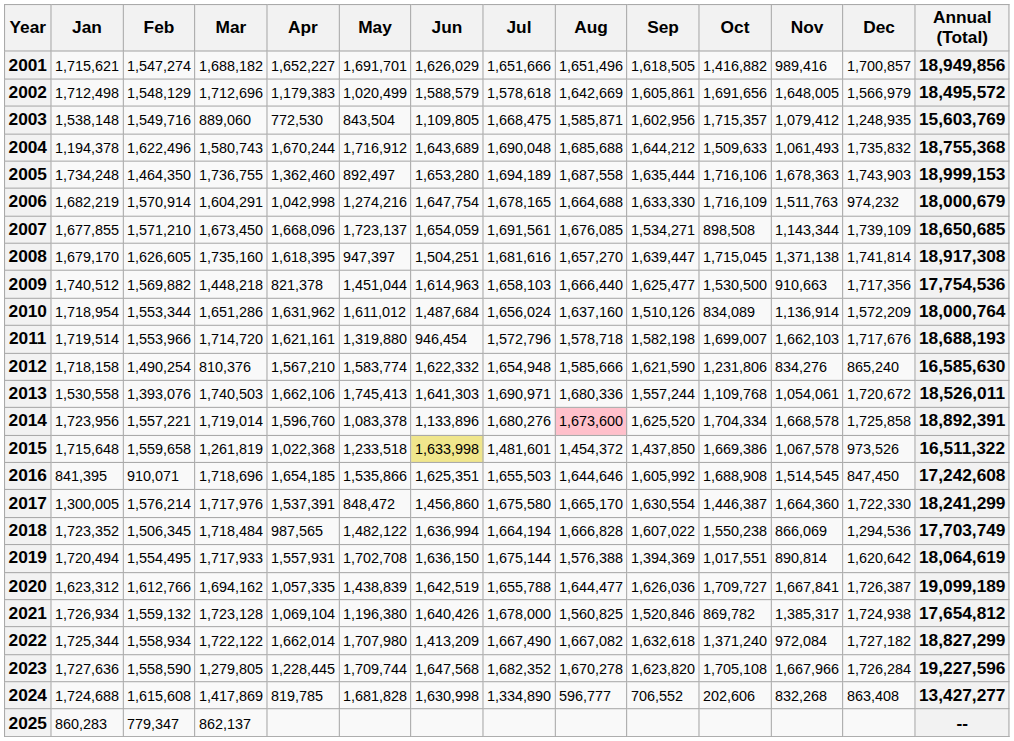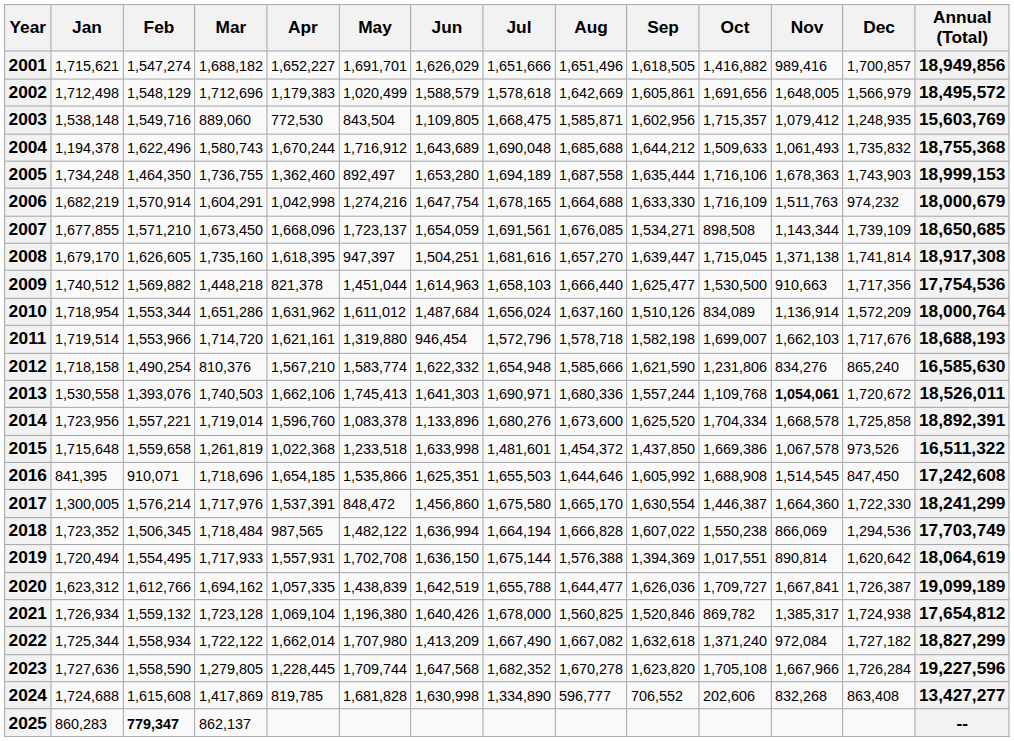 <table class="wikitable">
 <tr>
 <th>Year</th>
 <th>Jan</th>
 <th>Feb</th>
 <th>Mar</th>
 <th>Apr</th>
 <th>May</th>
 <th>Jun</th>
 <th>Jul</th>
 <th>Aug</th>
 <th>Sep</th>
 <th>Oct</th>
 <th>Nov</th>
 <th>Dec</th>
 <th>Annual (Total)</th>
 </tr>
 <tr>
 <th>2001</th>
 <td><small>1,715,621</small></td>
 <td><small>1,547,274</small></td>
 <td><small>1,688,182</small></td>
 <td><small>1,652,227</small></td>
 <td><small>1,691,701</small></td>
 <td><small>1,626,029</small></td>
 <td><small>1,651,666</small></td>
 <td><small>1,651,496</small></td>
 <td><small>1,618,505</small></td>
 <td><small>1,416,882</small></td>
 <td><small>989,416</small></td>
 <td><small>1,700,857</small></td>
 <th>18,949,856</th>
 </tr>
 <tr>
 <th>2002</th>
 <td><small>1,712,498</small></td>
 <td><small>1,548,129</small></td>
 <td><small>1,712,696</small></td>
 <td><small>1,179,383</small></td>
 <td><small>1,020,499</small></td>
 <td><small>1,588,579</small></td>
 <td><small>1,578,618</small></td>
 <td><small>1,642,669</small></td>
 <td><small>1,605,861</small></td>
 <td><small>1,691,656</small></td>
 <td><small>1,648,005</small></td>
 <td><small>1,566,979</small></td>
 <th>18,495,572</th>
 </tr>
 <tr>
 <th>2003</th>
 <td><small>1,538,148</small></td>
 <td><small>1,549,716</small></td>
 <td><small>889,060</small></td>
 <td><small>772,530</small></td>
 <td><small>843,504</small></td>
 <td><small>1,109,805</small></td>
 <td><small>1,668,475</small></td>
 <td><small>1,585,871</small></td>
 <td><small>1,602,956</small></td>
 <td><small>1,715,357</small></td>
 <td><small>1,079,412</small></td>
 <td><small>1,248,935</small></td>
 <th>15,603,769</th>
 </tr>
 <tr>
 <th>2004</th>
 <td><small>1,194,378</small></td>
 <td><small>1,622,496</small></td>
 <td><small>1,580,743</small></td>
 <td><small>1,670,244</small></td>
 <td><small>1,716,912</small></td>
 <td><small>1,643,689</small></td>
 <td><small>1,690,048</small></td>
 <td><small>1,685,688</small></td>
 <td><small>1,644,212</small></td>
 <td><small>1,509,633</small></td>
 <td><small>1,061,493</small></td>
 <td><small>1,735,832</small></td>
 <th>18,755,368</th>
 </tr>
 <tr>
 <th>2005</th>
 <td><small>1,734,248</small></td>
 <td><small>1,464,350</small></td>
 <td><small>1,736,755</small></td>
 <td><small>1,362,460</small></td>
 <td><small>892,497</small></td>
 <td><small>1,653,280</small></td>
 <td><small>1,694,189</small></td>
 <td><small>1,687,558</small></td>
 <td><small>1,635,444</small></td>
 <td><small>1,716,106</small></td>
 <td><small>1,678,363</small></td>
 <td><small>1,743,903</small></td>
 <th>18,999,153</th>
 </tr>
 <tr>
 <th>2006</th>
 <td><small>1,682,219</small></td>
 <td><small>1,570,914</small></td>
 <td><small>1,604,291</small></td>
 <td><small>1,042,998</small></td>
 <td><small>1,274,216</small></td>
 <td><small>1,647,754</small></td>
 <td><small>1,678,165</small></td>
 <td><small>1,664,688</small></td>
 <td><small>1,633,330</small></td>
 <td><small>1,716,109</small></td>
 <td><small>1,511,763</small></td>
 <td><small>974,232</small></td>
 <th>18,000,679</th>
 </tr>
 <tr>
 <th>2007</th>
 <td><small>1,677,855</small></td>
 <td><small>1,571,210</small></td>
 <td><small>1,673,450</small></td>
 <td><small>1,668,096</small></td>
 <td><small>1,723,137</small></td>
 <td><small>1,654,059</small></td>
 <td><small>1,691,561</small></td>
 <td><small>1,676,085</small></td>
 <td><small>1,534,271</small></td>
 <td><small>898,508</small></td>
 <td><small>1,143,344</small></td>
 <td><small>1,739,109</small></td>
 <th>18,650,685</th>
 </tr>
 <tr>
 <th>2008</th>
 <td><small>1,679,170</small></td>
 <td><small>1,626,605</small></td>
 <td><small>1,735,160</small></td>
 <td><small>1,618,395</small></td>
 <td><small>947,397</small></td>
 <td><small>1,504,251</small></td>
 <td><small>1,681,616</small></td>
 <td><small>1,657,270</small></td>
 <td><small>1,639,447</small></td>
 <td><small>1,715,045</small></td>
 <td><small>1,371,138</small></td>
 <td><small>1,741,814</small></td>
 <th>18,917,308</th>
 </tr>
 <tr>
 <th>2009</th>
 <td><small>1,740,512</small></td>
 <td><small>1,569,882</small></td>
 <td><small>1,448,218</small></td>
 <td><small>821,378</small></td>
 <td><small>1,451,044</small></td>
 <td><small>1,614,963</small></td>
 <td><small>1,658,103</small></td>
 <td><small>1,666,440</small></td>
 <td><small>1,625,477</small></td>
 <td><small>1,530,500</small></td>
 <td><small>910,663</small></td>
 <td><small>1,717,356</small></td>
 <th>17,754,536</th>
 </tr>
 <tr>
 <th>2010</th>
 <td><small>1,718,954</small></td>
 <td><small>1,553,344</small></td>
 <td><small>1,651,286</small></td>
 <td><small>1,631,962</small></td>
 <td><small>1,611,012</small></td>
 <td><small>1,487,684</small></td>
 <td><small>1,656,024</small></td>
 <td><small>1,637,160</small></td>
 <td><small>1,510,126</small></td>
 <td><small>834,089</small></td>
 <td><small>1,136,914</small></td>
 <td><small>1,572,209</small></td>
 <th>18,000,764</th>
 </tr>
 <tr>
 <th>2011</th>
 <td><small>1,719,514</small></td>
 <td><small>1,553,966</small></td>
 <td><small>1,714,720</small></td>
 <td><small>1,621,161</small></td>
 <td><small>1,319,880</small></td>
 <td><small>946,454</small></td>
 <td><small>1,572,796</small></td>
 <td><small>1,578,718</small></td>
 <td><small>1,582,198</small></td>
 <td><small>1,699,007</small></td>
 <td><small>1,662,103</small></td>
 <td><small>1,717,676</small></td>
 <th>18,688,193</th>
 </tr>
 <tr>
 <th>2012</th>
 <td><small>1,718,158</small></td>
 <td><small>1,490,254</small></td>
 <td><small>810,376</small></td>
 <td><small>1,567,210</small></td>
 <td><small>1,583,774</small></td>
 <td><small>1,622,332</small></td>
 <td><small>1,654,948</small></td>
 <td><small>1,585,666</small></td>
 <td><small>1,621,590</small></td>
 <td><small>1,231,806</small></td>
 <td><small>834,276</small></td>
 <td><small>865,240</small></td>
 <th>16,585,630</th>
 </tr>
 <tr>
 <th>2013</th>
 <td><small>1,530,558</small></td>
 <td><small>1,393,076</small></td>
 <td><small>1,740,503</small></td>
 <td><small>1,662,106</small></td>
 <td><small>1,745,413</small></td>
 <td><small>1,641,303</small></td>
 <td><small>1,690,971</small></td>
 <td><small>1,680,336</small></td>
 <td><small>1,557,244</small></td>
 <td><small>1,109,768</small></td>
-<td><small>1,054,061</small></td>
+<td><strong><small>1,054,061</small></strong></td>
 <td><small>1,720,672</small></td>
 <th>18,526,011</th>
 </tr>
 <tr>
 <th>2014</th>
 <td><small>1,723,956</small></td>
 <td><small>1,557,221</small></td>
 <td><small>1,719,014</small></td>
 <td><small>1,596,760</small></td>
 <td><small>1,083,378</small></td>
 <td><small>1,133,896</small></td>
 <td><small>1,680,276</small></td>
-<td style="background: pink;"><small>1,673,600</small></td>
+<td><small>1,673,600</small></td>
 <td><small>1,625,520</small></td>
 <td><small>1,704,334</small></td>
 <td><small>1,668,578</small></td>
 <td><small>1,725,858</small></td>
 <th>18,892,391</th>
 </tr>
 <tr>
 <th>2015</th>
 <td><small>1,715,648</small></td>
 <td><small>1,559,658</small></td>
 <td><small>1,261,819</small></td>
 <td><small>1,022,368</small></td>
 <td><small>1,233,518</small></td>
-<td style="background: khaki;"><small>1,633,998</small></td>
+<td><small>1,633,998</small></td>
 <td><small>1,481,601</small></td>
 <td><small>1,454,372</small></td>
 <td><small>1,437,850</small></td>
 <td><small>1,669,386</small></td>
 <td><small>1,067,578</small></td>
 <td><small>973,526</small></td>
 <th>16,511,322</th>
 </tr>
 <tr>
 <th>2016</th>
 <td><small>841,395</small></td>
 <td><small>910,071</small></td>
 <td><small>1,718,696</small></td>
 <td><small>1,654,185</small></td>
 <td><small>1,535,866</small></td>
 <td><small>1,625,351</small></td>
 <td><small>1,655,503</small></td>
 <td><small>1,644,646</small></td>
 <td><small>1,605,992</small></td>
 <td><small>1,688,908</small></td>
 <td><small>1,514,545</small></td>
 <td><small>847,450</small></td>
 <th>17,242,608</th>
 </tr>
 <tr>
 <th>2017</th>
 <td><small>1,300,005</small></td>
 <td><small>1,576,214</small></td>
 <td><small>1,717,976</small></td>
 <td><small>1,537,391</small></td>
 <td><small>848,472</small></td>
 <td><small>1,456,860</small></td>
 <td><small>1,675,580</small></td>
 <td><small>1,665,170</small></td>
 <td><small>1,630,554</small></td>
 <td><small>1,446,387</small></td>
 <td><small>1,664,360</small></td>
 <td><small>1,722,330</small></td>
 <th>18,241,299</th>
 </tr>
 <tr>
 <th>2018</th>
 <td><small>1,723,352</small></td>
 <td><small>1,506,345</small></td>
 <td><small>1,718,484</small></td>
 <td><small>987,565</small></td>
 <td><small>1,482,122</small></td>
 <td><small>1,636,994</small></td>
 <td><small>1,664,194</small></td>
 <td><small>1,666,828</small></td>
 <td><small>1,607,022</small></td>
 <td><small>1,550,238</small></td>
 <td><small>866,069</small></td>
 <td><small>1,294,536</small></td>
 <th>17,703,749</th>
 </tr>
 <tr>
 <th>2019</th>
 <td><small>1,720,494</small></td>
 <td><small>1,554,495</small></td>
 <td><small>1,717,933</small></td>
 <td><small>1,557,931</small></td>
 <td><small>1,702,708</small></td>
 <td><small>1,636,150</small></td>
 <td><small>1,675,144</small></td>
 <td><small>1,576,388</small></td>
 <td><small>1,394,369</small></td>
 <td><small>1,017,551</small></td>
 <td><small>890,814</small></td>
 <td><small>1,620,642</small></td>
 <th>18,064,619</th>
 </tr>
 <tr>
 <th>2020</th>
 <td><small>1,623,312</small></td>
 <td><small>1,612,766</small></td>
 <td><small>1,694,162</small></td>
 <td><small>1,057,335</small></td>
 <td><small>1,438,839</small></td>
 <td><small>1,642,519</small></td>
 <td><small>1,655,788</small></td>
 <td><small>1,644,477</small></td>
 <td><small>1,626,036</small></td>
 <td><small>1,709,727</small></td>
 <td><small>1,667,841</small></td>
 <td><small>1,726,387</small></td>
 <th>19,099,189</th>
 </tr>
 <tr>
 <th>2021</th>
 <td><small>1,726,934</small></td>
 <td><small>1,559,132</small></td>
 <td><small>1,723,128</small></td>
 <td><small>1,069,104</small></td>
 <td><small>1,196,380</small></td>
 <td><small>1,640,426</small></td>
 <td><small>1,678,000</small></td>
 <td><small>1,560,825</small></td>
 <td><small>1,520,846</small></td>
 <td><small>869,782</small></td>
 <td><small>1,385,317</small></td>
 <td><small>1,724,938</small></td>
 <th>17,654,812</th>
 </tr>
 <tr>
 <th>2022</th>
 <td><small>1,725,344</small></td>
 <td><small>1,558,934</small></td>
 <td><small>1,722,122</small></td>
 <td><small>1,662,014</small></td>
 <td><small>1,707,980</small></td>
 <td><small>1,413,209</small></td>
 <td><small>1,667,490</small></td>
 <td><small>1,667,082</small></td>
 <td><small>1,632,618</small></td>
 <td><small>1,371,240</small></td>
 <td><small>972,084</small></td>
 <td><small>1,727,182</small></td>
 <th>18,827,299</th>
 </tr>
 <tr>
 <th>2023</th>
 <td><small>1,727,636</small></td>
 <td><small>1,558,590</small></td>
 <td><small>1,279,805</small></td>
 <td><small>1,228,445</small></td>
 <td><small>1,709,744</small></td>
 <td><small>1,647,568</small></td>
 <td><small>1,682,352</small></td>
 <td><small>1,670,278</small></td>
 <td><small>1,623,820</small></td>
 <td><small>1,705,108</small></td>
 <td><small>1,667,966</small></td>
 <td><small>1,726,284</small></td>
 <th>19,227,596</th>
 </tr>
 <tr>
 <th>2024</th>
 <td><small>1,724,688</small></td>
 <td><small>1,615,608</small></td>
 <td><small>1,417,869</small></td>
 <td><small>819,785</small></td>
 <td><small>1,681,828</small></td>
 <td><small>1,630,998</small></td>
 <td><small>1,334,890</small></td>
 <td><small>596,777</small></td>
 <td><small>706,552</small></td>
 <td><small>202,606</small></td>
 <td><small>832,268</small></td>
 <td><small>863,408</small></td>
 <th>13,427,277</th>
 </tr>
 <tr>
 <th>2025</th>
 <td><small>860,283</small></td>
-<td><small>779,347</small></td>
+<td><strong><small>779,347</small></strong></td>
 <td><small>862,137</small></td>
 <td><small></small></td>
 <td><small></small></td>
 <td><small></small></td>
 <td><small></small></td>
 <td><small></small></td>
 <td><small></small></td>
 <td><small></small></td>
 <td><small></small></td>
 <td><small></small></td>
 <th>--</th>
 </tr>
 <tr>
 </tr>
 </table>
